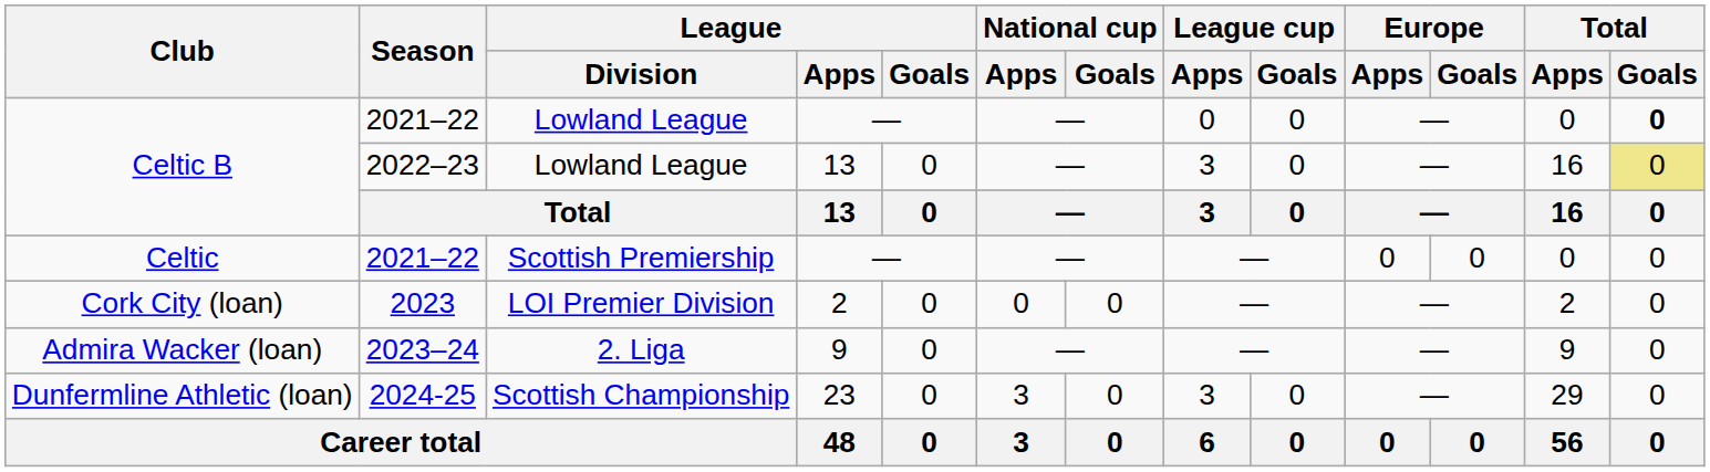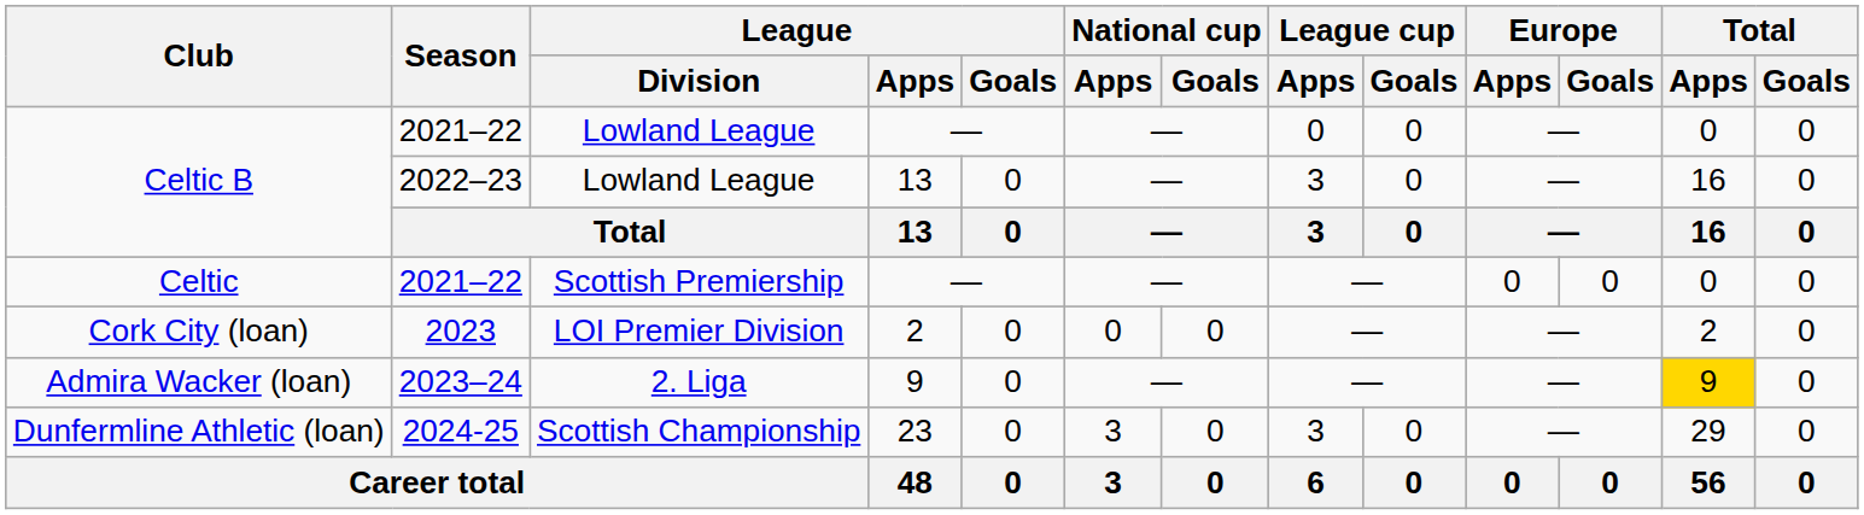 <table class="wikitable" style="text-align:center">
 <tr>
 <th rowspan="2">Club</th>
 <th rowspan="2">Season</th>
 <th colspan="3">League</th>
 <th colspan="2">National cup</th>
 <th colspan="2">League cup</th>
 <th colspan="2">Europe</th>
 <th colspan="2">Total</th>
 </tr>
 <tr>
 <th>Division</th>
 <th>Apps</th>
 <th>Goals</th>
 <th>Apps</th>
 <th>Goals</th>
 <th>Apps</th>
 <th>Goals</th>
 <th>Apps</th>
 <th>Goals</th>
 <th>Apps</th>
 <th>Goals</th>
 </tr>
 <tr>
 <td rowspan="3"><a href='#'>Celtic B</a></td>
 <td>2021–22</td>
 <td><a href='#'>Lowland League</a></td>
 <td colspan="2">—</td>
 <td colspan="2">—</td>
 <td>0</td>
 <td>0</td>
 <td colspan="2">—</td>
 <td>0</td>
-<td><strong>0</strong></td>
+<td>0</td>
 </tr>
 <tr>
 <td>2022–23</td>
 <td>Lowland League</td>
 <td>13</td>
 <td>0</td>
 <td colspan="2">—</td>
 <td>3</td>
 <td>0</td>
 <td colspan="2">—</td>
 <td>16</td>
-<td style="background: khaki;">0</td>
+<td>0</td>
 </tr>
 <tr>
 <th colspan="2">Total</th>
 <th>13</th>
 <th>0</th>
 <th colspan="2">—</th>
 <th>3</th>
 <th>0</th>
 <th colspan="2">—</th>
 <th>16</th>
 <th>0</th>
 </tr>
 <tr>
 <td><a href='#'>Celtic</a></td>
 <td><a href='#'>2021–22</a></td>
 <td><a href='#'>Scottish Premiership</a></td>
 <td colspan="2">—</td>
 <td colspan="2">—</td>
 <td colspan="2">—</td>
 <td>0</td>
 <td>0</td>
 <td>0</td>
 <td>0</td>
 </tr>
 <tr>
 <td><a href='#'>Cork City</a> (loan)</td>
 <td><a href='#'>2023</a></td>
 <td><a href='#'>LOI Premier Division</a></td>
 <td>2</td>
 <td>0</td>
 <td>0</td>
 <td>0</td>
 <td colspan="2">—</td>
 <td colspan="2">—</td>
 <td>2</td>
 <td>0</td>
 </tr>
 <tr>
 <td><a href='#'>Admira Wacker</a> (loan)</td>
 <td><a href='#'>2023–24</a></td>
 <td><a href='#'>2. Liga</a></td>
 <td>9</td>
 <td>0</td>
 <td colspan="2">—</td>
 <td colspan="2">—</td>
 <td colspan="2">—</td>
-<td>9</td>
+<td style="background: gold;">9</td>
 <td>0</td>
 </tr>
 <tr>
 <td><a href='#'>Dunfermline Athletic</a> (loan)</td>
 <td><a href='#'>2024-25</a></td>
 <td><a href='#'>Scottish Championship</a></td>
 <td>23</td>
 <td>0</td>
 <td>3</td>
 <td>0</td>
 <td>3</td>
 <td>0</td>
 <td colspan="2">—</td>
 <td>29</td>
 <td>0</td>
 </tr>
 <tr>
 <th colspan="3">Career total</th>
 <th>48</th>
 <th>0</th>
 <th>3</th>
 <th>0</th>
 <th>6</th>
 <th>0</th>
 <th>0</th>
 <th>0</th>
 <th>56</th>
 <th>0</th>
 </tr>
 </table>
